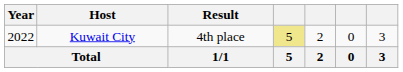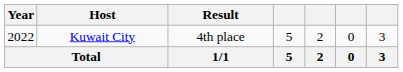 <table class="wikitable" style="text-align:center">
 <tr>
 <th width=30>Year</th>
 <th width=150>Host</th>
 <th width=120>Result</th>
 <th width=30></th>
 <th width=30></th>
 <th width=30></th>
 <th width=30></th>
 </tr>
 <tr>
 <td>2022</td>
 <td> <a href='#'>Kuwait City</a></td>
 <td>4th place</td>
-<td style="background: khaki;">5</td>
+<td>5</td>
 <td>2</td>
 <td>0</td>
 <td>3</td>
 </tr>
 <tr>
 <th colspan=2>Total</th>
 <th>1/1</th>
 <th>5</th>
 <th>2</th>
 <th>0</th>
 <th>3</th>
 </tr>
 </table>
